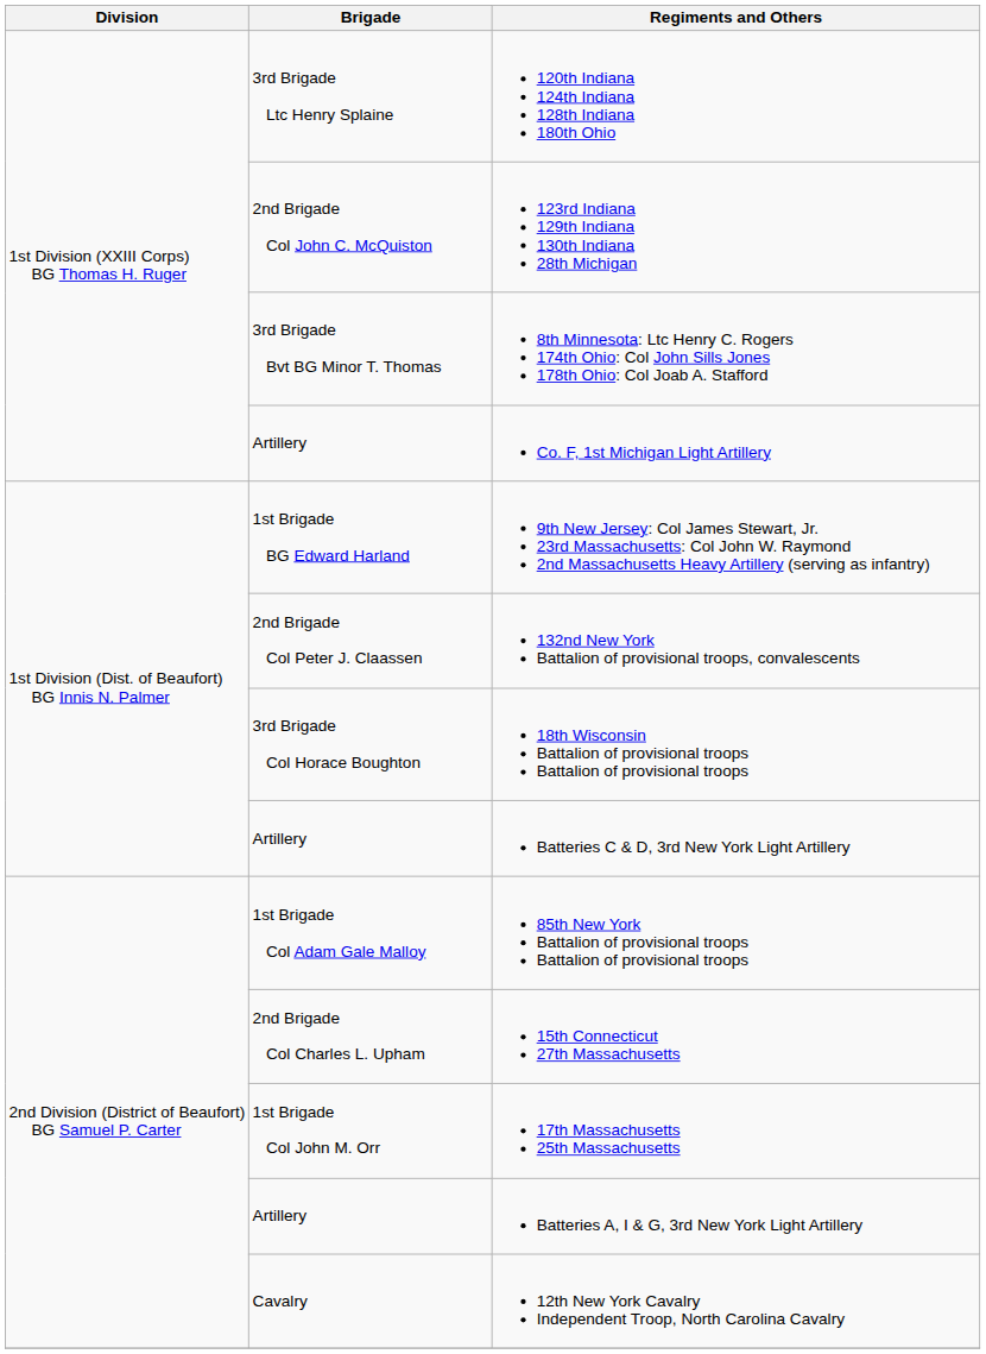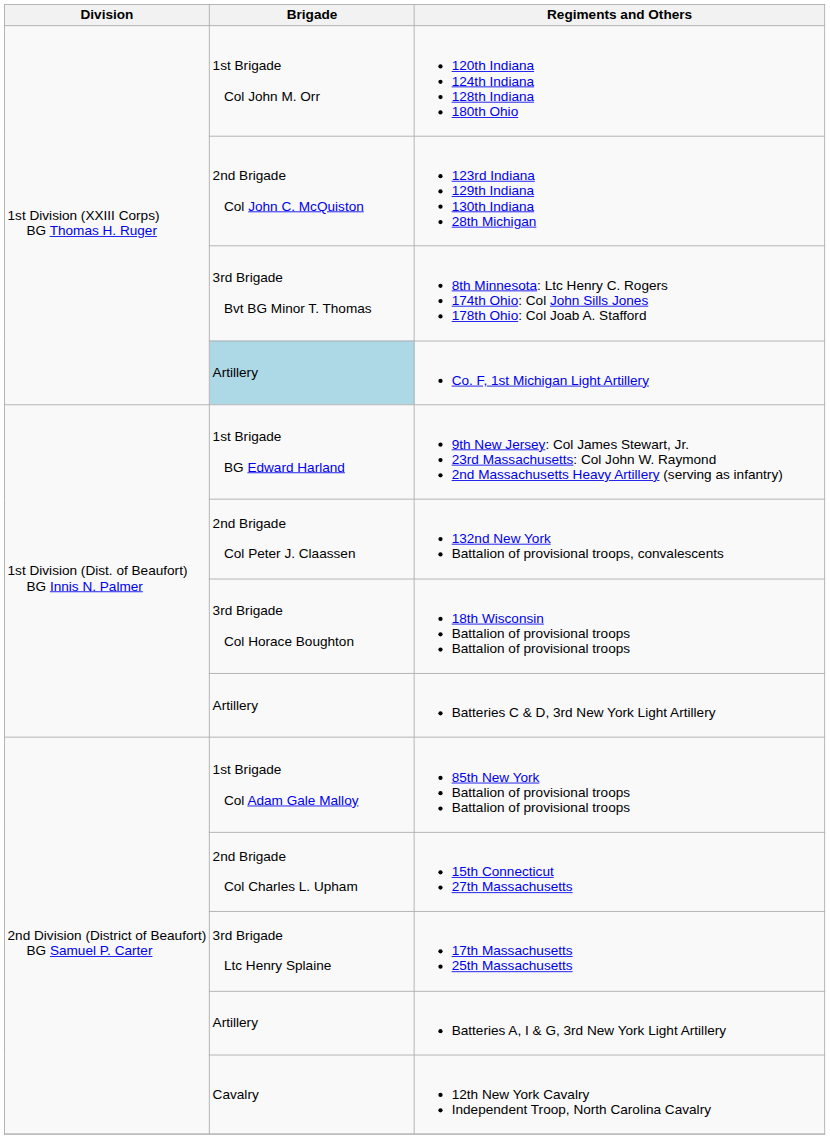 <table class="wikitable">
 <tr>
 <th width=25%>Division</th>
 <th width=25%>Brigade</th>
 <th>Regiments and Others</th>
 </tr>
 <tr>
 <td rowspan=4><br>1st Division (XXIII Corps) <br>     BG <a href='#'>Thomas H. Ruger</a></td>
-<td>3rd Brigade<br><br>   Ltc Henry Splaine</td>
+<td>1st Brigade<br><br>   Col John M. Orr</td>
 <td><br><ul><li><a href='#'>120th Indiana</a></li><li><a href='#'>124th Indiana</a></li><li><a href='#'>128th Indiana</a></li><li><a href='#'>180th Ohio</a></li></ul></td>
 </tr>
 <tr>
 <td>2nd Brigade<br><br>   Col <a href='#'>John C. McQuiston</a></td>
 <td><br><ul><li><a href='#'>123rd Indiana</a></li><li><a href='#'>129th Indiana</a></li><li><a href='#'>130th Indiana</a></li><li><a href='#'>28th Michigan</a></li></ul></td>
 </tr>
 <tr>
 <td>3rd Brigade<br><br>   Bvt BG Minor T. Thomas</td>
 <td><br><ul><li><a href='#'>8th Minnesota</a>: Ltc Henry C. Rogers</li><li><a href='#'>174th Ohio</a>: Col <a href='#'>John Sills Jones</a></li><li><a href='#'>178th Ohio</a>: Col Joab A. Stafford</li></ul></td>
 </tr>
 <tr>
-<td>Artillery</td>
+<td style="background: lightblue;">Artillery</td>
 <td><br><ul><li><a href='#'>Co. F, 1st Michigan Light Artillery</a></li></ul></td>
 </tr>
 <tr>
 <td rowspan=4><br>1st Division (Dist. of Beaufort) <br>     BG <a href='#'>Innis N. Palmer</a></td>
 <td>1st Brigade<br><br>   BG <a href='#'>Edward Harland</a></td>
 <td><br><ul><li><a href='#'>9th New Jersey</a>: Col James Stewart, Jr.</li><li><a href='#'>23rd Massachusetts</a>: Col John W. Raymond</li><li><a href='#'>2nd Massachusetts Heavy Artillery</a> (serving as infantry)</li></ul></td>
 </tr>
 <tr>
 <td>2nd Brigade<br><br>   Col Peter J. Claassen</td>
 <td><br><ul><li><a href='#'>132nd New York</a></li><li>Battalion of provisional troops, convalescents</li></ul></td>
 </tr>
 <tr>
 <td>3rd Brigade<br><br>   Col Horace Boughton</td>
 <td><br><ul><li><a href='#'>18th Wisconsin</a></li><li>Battalion of provisional troops</li><li>Battalion of provisional troops</li></ul></td>
 </tr>
 <tr>
 <td>Artillery</td>
 <td><br><ul><li>Batteries C & D, 3rd New York Light Artillery</li></ul></td>
 </tr>
 <tr>
 <td rowspan=5><br>2nd Division (District of Beaufort) <br>     BG <a href='#'>Samuel P. Carter</a></td>
 <td>1st Brigade<br><br>   Col <a href='#'>Adam Gale Malloy</a></td>
 <td><br><ul><li><a href='#'>85th New York</a></li><li>Battalion of provisional troops</li><li>Battalion of provisional troops</li></ul></td>
 </tr>
 <tr>
 <td>2nd Brigade<br><br>   Col Charles L. Upham</td>
 <td><br><ul><li><a href='#'>15th Connecticut</a></li><li><a href='#'>27th Massachusetts</a></li></ul></td>
 </tr>
 <tr>
-<td>1st Brigade<br><br>   Col John M. Orr</td>
+<td>3rd Brigade<br><br>   Ltc Henry Splaine</td>
 <td><br><ul><li><a href='#'>17th Massachusetts</a></li><li><a href='#'>25th Massachusetts</a></li></ul></td>
 </tr>
 <tr>
 <td>Artillery</td>
 <td><br><ul><li>Batteries A, I & G, 3rd New York Light Artillery</li></ul></td>
 </tr>
 <tr>
 <td>Cavalry</td>
 <td><br><ul><li>12th New York Cavalry</li><li>Independent Troop, North Carolina Cavalry</li></ul></td>
 </tr>
 <tr>
 </tr>
 </table>
